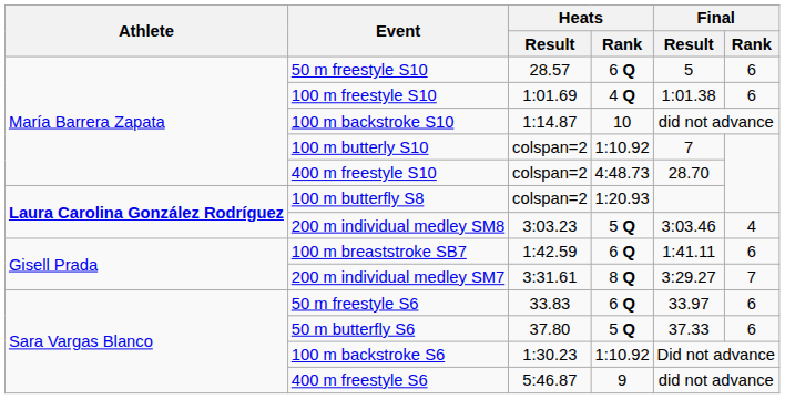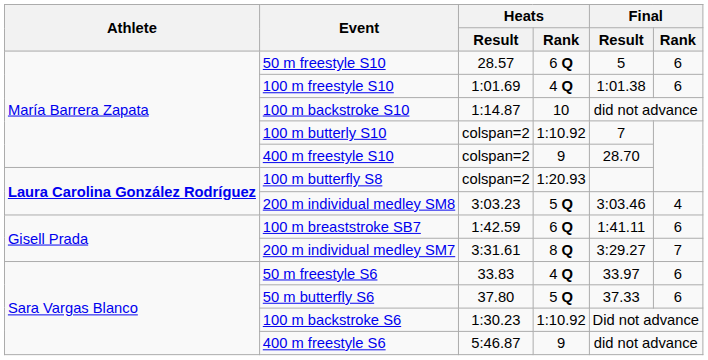 <table class=wikitable style="font-size:95%">
 <tr>
 <th rowspan="2">Athlete</th>
 <th rowspan="2">Event</th>
 <th colspan="2">Heats</th>
 <th colspan="2">Final</th>
 </tr>
 <tr>
 <th>Result</th>
 <th>Rank</th>
 <th>Result</th>
 <th>Rank</th>
 </tr>
 <tr align=center>
 <td rowspan=5 align=left><a href='#'>María Barrera Zapata</a></td>
 <td align=left><a href='#'>50 m freestyle S10</a></td>
 <td>28.57</td>
 <td>6 <strong>Q</strong></td>
 <td>5</td>
 <td>6</td>
 </tr>
 <tr align=center>
 <td align=left><a href='#'>100 m freestyle S10</a></td>
 <td>1:01.69</td>
 <td>4 <strong>Q</strong></td>
 <td>1:01.38</td>
 <td>6</td>
 </tr>
 <tr align=center>
 <td align=left><a href='#'>100 m backstroke S10</a></td>
 <td>1:14.87</td>
 <td>10</td>
 <td colspan=2>did not advance</td>
 </tr>
 <tr align=center>
 <td align=left><a href='#'>100 m butterly S10</a></td>
 <td>colspan=2 </td>
 <td>1:10.92</td>
 <td>7</td>
 </tr>
 <tr align=center>
 <td align=left><a href='#'>400 m freestyle S10</a></td>
 <td>colspan=2 </td>
-<td>4:48.73</td>
+<td>9</td>
 <td>28.70</td>
 </tr>
 <tr align=center>
 <td rowspan=2 align=center><strong><a href='#'>Laura Carolina González Rodríguez</a></strong></td>
 <td align=left><a href='#'>100 m butterfly S8</a></td>
 <td>colspan=2 </td>
 <td>1:20.93</td>
 <td></td>
 </tr>
 <tr align=center>
 <td align=left><a href='#'>200 m individual medley SM8</a></td>
 <td>3:03.23</td>
 <td>5 <strong>Q</strong></td>
 <td>3:03.46</td>
 <td>4</td>
 </tr>
 <tr align=center>
 <td rowspan= 2 align=left><a href='#'>Gisell Prada</a></td>
 <td align=left><a href='#'>100 m breaststroke SB7</a></td>
 <td>1:42.59</td>
 <td>6 <strong>Q</strong></td>
 <td>1:41.11</td>
 <td>6</td>
 </tr>
 <tr align=center>
 <td align=left><a href='#'>200 m individual medley SM7</a></td>
 <td>3:31.61</td>
 <td>8 <strong>Q</strong></td>
 <td>3:29.27</td>
 <td>7</td>
 </tr>
 <tr align=center>
 <td rowspan=4 align=left><a href='#'>Sara Vargas Blanco</a></td>
 <td align=left><a href='#'>50 m freestyle S6</a></td>
 <td>33.83</td>
-<td>6 <strong>Q</strong></td>
+<td>4 <strong>Q</strong></td>
 <td>33.97</td>
 <td>6</td>
 </tr>
 <tr align=center>
 <td align=left><a href='#'>50 m butterfly S6</a></td>
 <td>37.80</td>
 <td>5 <strong>Q</strong></td>
 <td>37.33</td>
 <td>6</td>
 </tr>
 <tr align=center>
 <td align=left><a href='#'>100 m backstroke S6</a></td>
 <td>1:30.23</td>
 <td>1:10.92</td>
 <td colspan= 2>Did not advance</td>
 </tr>
 <tr align=center>
 <td align=left><a href='#'>400 m freestyle S6</a></td>
 <td>5:46.87</td>
 <td>9</td>
 <td colspan=2>did not advance</td>
 </tr>
 </table>
